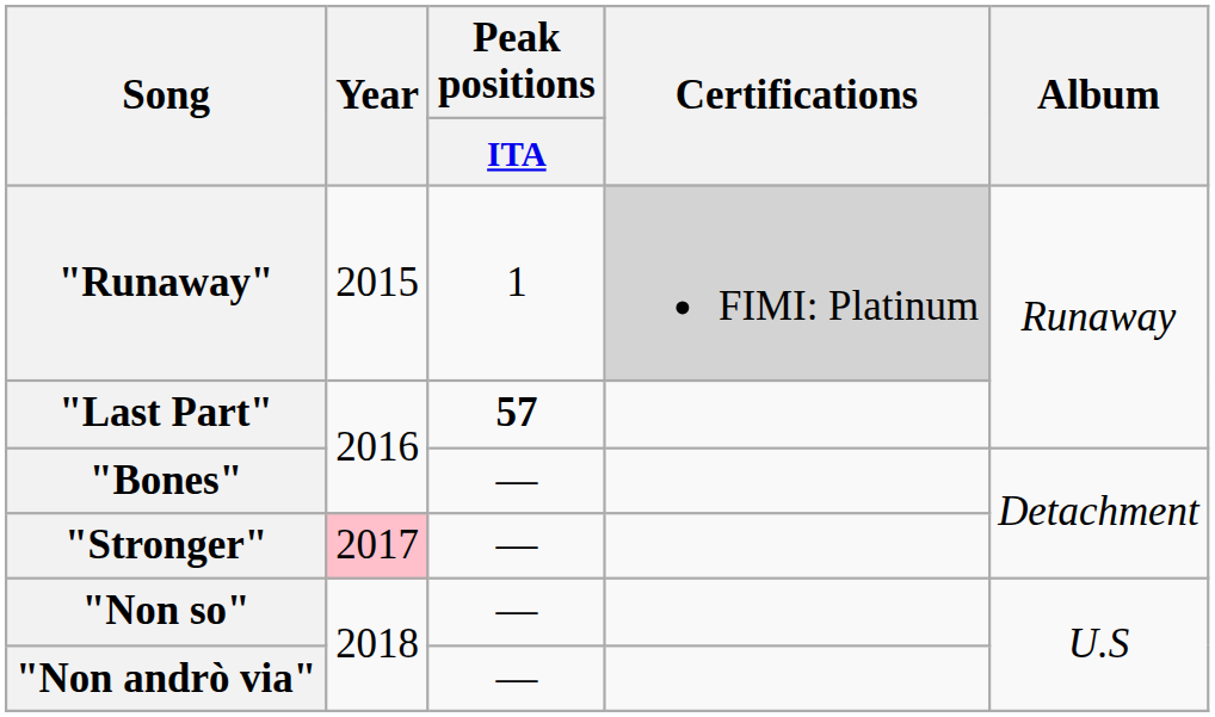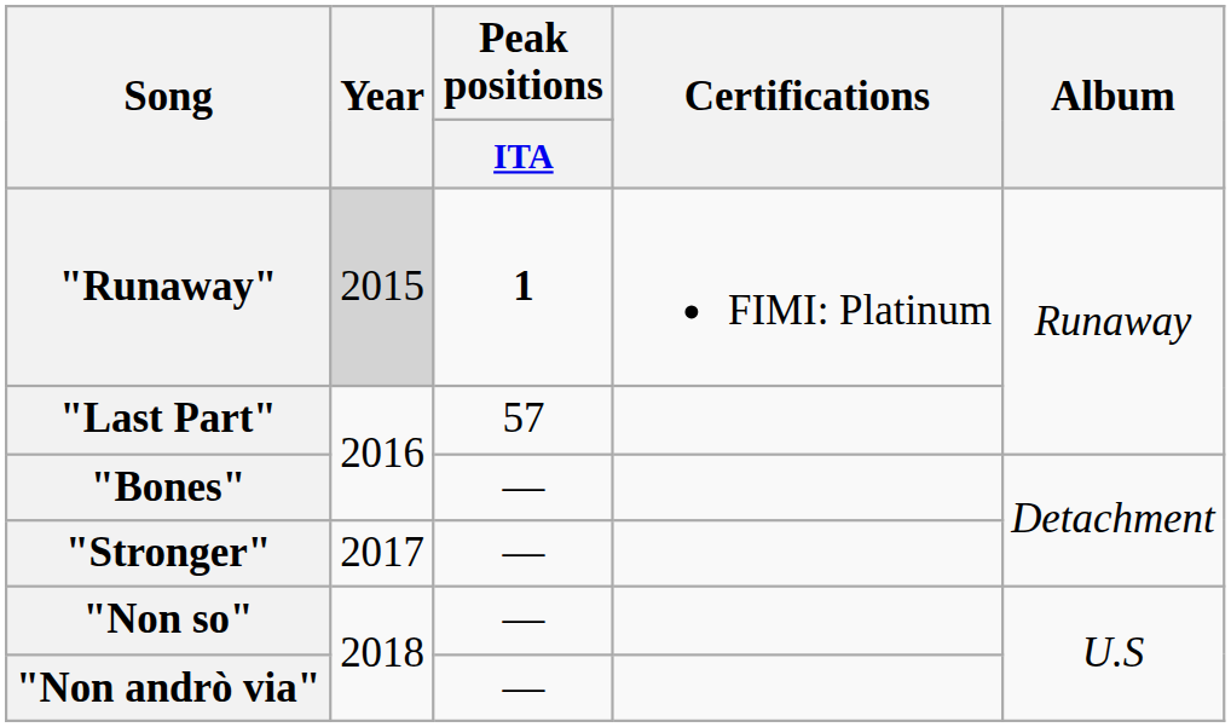 <table class="wikitable plainrowheaders" style="text-align:center;">
 <tr>
 <th rowspan="2">Song</th>
 <th rowspan="2">Year</th>
 <th colspan="1">Peak positions</th>
 <th rowspan="2">Certifications</th>
 <th rowspan="2">Album</th>
 </tr>
 <tr>
 <th width="35"><small><a href='#'>ITA</a></small><br></th>
 </tr>
 <tr>
 <th scope="row">"Runaway"</th>
-<td>2015</td>
-<td>1</td>
-<td style="background: lightgrey;"><br><ul><li>FIMI: Platinum</li></ul></td>
+<td style="background: lightgrey;">2015</td>
+<td><strong>1</strong></td>
+<td><br><ul><li>FIMI: Platinum</li></ul></td>
 <td rowspan="2"><em>Runaway</em></td>
 </tr>
 <tr>
 <th scope="row">"Last Part"</th>
 <td rowspan="2">2016</td>
-<td><strong>57<br></strong></td>
+<td>57<br></td>
 <td></td>
 </tr>
 <tr>
 <th scope="row">"Bones"</th>
 <td>—</td>
 <td></td>
 <td rowspan="2"><em>Detachment</em></td>
 </tr>
 <tr>
 <th scope="row">"Stronger"</th>
-<td style="background: pink;">2017</td>
+<td>2017</td>
 <td>—</td>
 <td></td>
 </tr>
 <tr>
 <th scope="row">"Non so"</th>
 <td rowspan="2">2018</td>
 <td>—</td>
 <td></td>
 <td rowspan="2"><em>U.S</em></td>
 </tr>
 <tr>
 <th scope="row">"Non andrò via"</th>
 <td>—</td>
 <td></td>
 </tr>
 </table>
